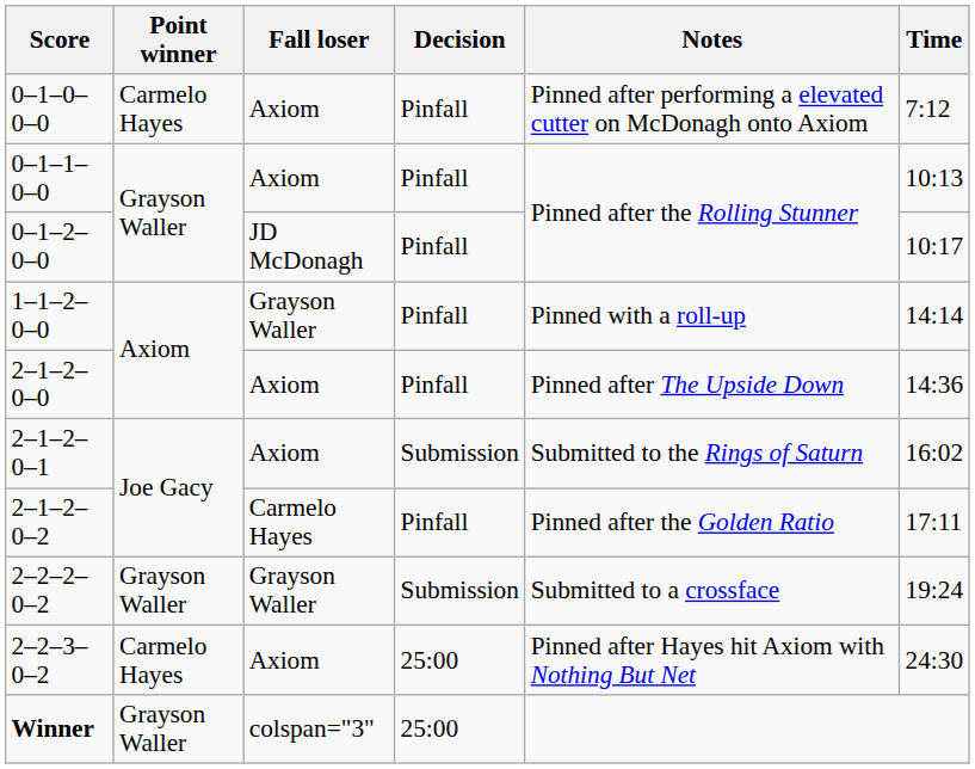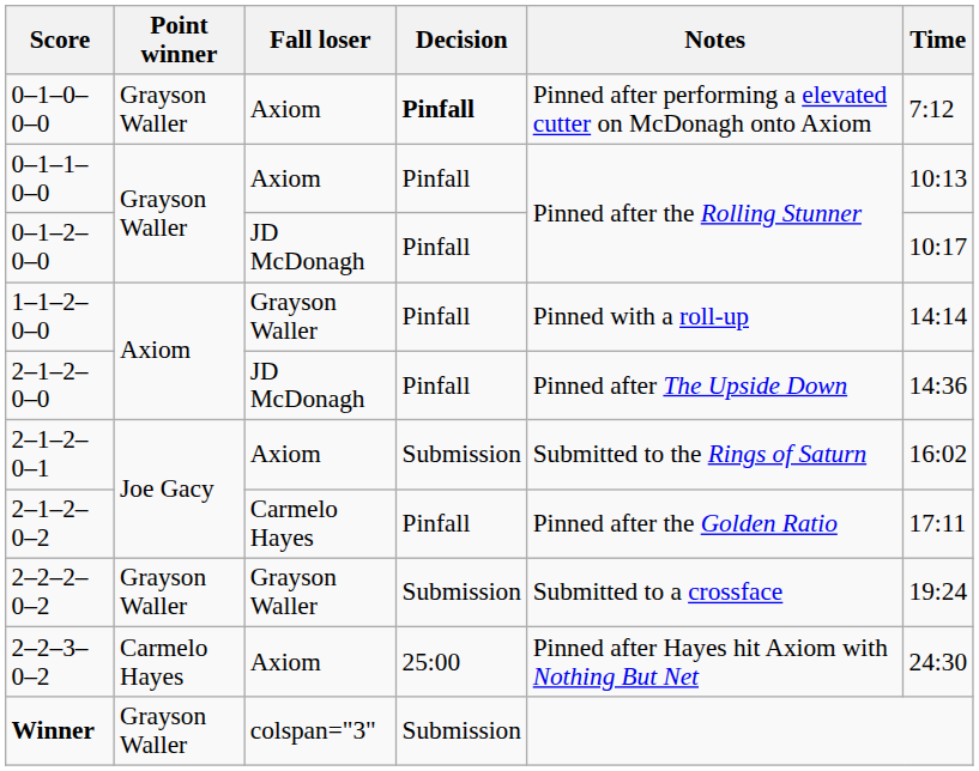 <table class="wikitable">
 <tr>
 <th>Score</th>
 <th>Point winner</th>
 <th>Fall loser</th>
 <th>Decision</th>
 <th>Notes</th>
 <th>Time</th>
 </tr>
 <tr>
 <td>0–1–0–0–0</td>
-<td>Carmelo Hayes</td>
+<td>Grayson Waller</td>
 <td>Axiom</td>
-<td>Pinfall</td>
+<td><strong>Pinfall</strong></td>
 <td>Pinned after performing a <a href='#'>elevated cutter</a> on McDonagh onto Axiom</td>
 <td>7:12</td>
 </tr>
 <tr>
 <td>0–1–1–0–0</td>
 <td rowspan=2>Grayson Waller</td>
 <td>Axiom</td>
 <td>Pinfall</td>
 <td rowspan=2>Pinned after the <em><a href='#'>Rolling Stunner</a></em></td>
 <td>10:13</td>
 </tr>
 <tr>
 <td>0–1–2–0–0</td>
 <td>JD McDonagh</td>
 <td>Pinfall</td>
 <td>10:17</td>
 </tr>
 <tr>
 <td>1–1–2–0–0</td>
 <td rowspan=2>Axiom</td>
 <td>Grayson Waller</td>
 <td>Pinfall</td>
 <td>Pinned with a <a href='#'>roll-up</a></td>
 <td>14:14</td>
 </tr>
 <tr>
 <td>2–1–2–0–0</td>
-<td>Axiom</td>
+<td>JD McDonagh</td>
 <td>Pinfall</td>
 <td>Pinned after <a href='#'><em>The Upside Down</em></a></td>
 <td>14:36</td>
 </tr>
 <tr>
 <td>2–1–2–0–1</td>
 <td rowspan=2>Joe Gacy</td>
 <td>Axiom</td>
 <td>Submission</td>
 <td>Submitted to the <a href='#'><em>Rings of Saturn</em></a></td>
 <td>16:02</td>
 </tr>
 <tr>
 <td>2–1–2–0–2</td>
 <td>Carmelo Hayes</td>
 <td>Pinfall</td>
 <td>Pinned after the <a href='#'><em>Golden Ratio</em></a></td>
 <td>17:11</td>
 </tr>
 <tr>
 <td>2–2–2–0–2</td>
 <td>Grayson Waller</td>
 <td>Grayson Waller</td>
 <td>Submission</td>
 <td>Submitted to a <a href='#'>crossface</a></td>
 <td>19:24</td>
 </tr>
 <tr>
 <td>2–2–3–0–2</td>
 <td>Carmelo Hayes</td>
 <td>Axiom</td>
 <td>25:00</td>
 <td>Pinned after Hayes hit Axiom with <em><a href='#'>Nothing But Net</a></em></td>
 <td>24:30</td>
 </tr>
 <tr>
 <td><strong>Winner</strong></td>
 <td>Grayson Waller</td>
 <td>colspan="3" </td>
-<td>25:00</td>
+<td>Submission</td>
 </tr>
 </table>
